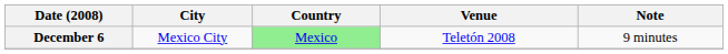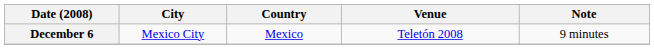 <table class="wikitable plainrowheaders" style="text-align:center;">
 <tr>
 <th width="140">Date (2008)</th>
 <th width="130">City</th>
 <th width="140">Country</th>
 <th width="220">Venue</th>
 <th scope="col" style="width:10em;">Note</th>
 </tr>
 <tr>
 <th scope="row" style="text-align:center;">December 6</th>
 <td align="center"><a href='#'>Mexico City</a></td>
-<td align="center" style="background: lightgreen;"><a href='#'>Mexico</a></td>
+<td align="center"><a href='#'>Mexico</a></td>
 <td align="center"><a href='#'>Teletón 2008</a></td>
 <td align="center">9 minutes</td>
 </tr>
 <tr>
 </tr>
 </table>
